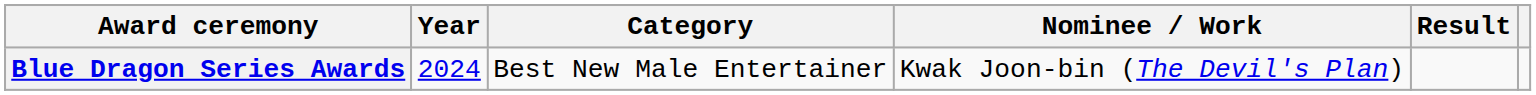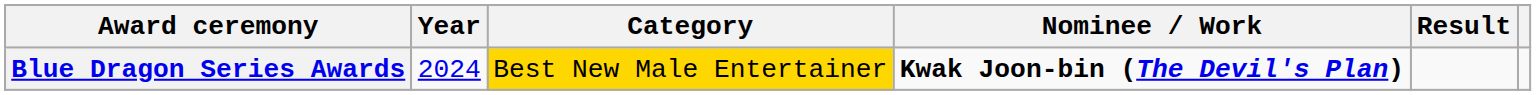 <table class="wikitable plainrowheaders sortable">
 <tr>
 <th scope="col">Award ceremony</th>
 <th scope="col">Year</th>
 <th scope="col">Category</th>
 <th scope="col">Nominee / Work</th>
 <th scope="col">Result</th>
 <th scope="col" class="unsortable"></th>
 </tr>
 <tr>
 <th rowspan="2" scope="row"><a href='#'>Blue Dragon Series Awards</a></th>
 <td rowspan="2" style="text-align:center"><a href='#'>2024</a></td>
-<td>Best New Male Entertainer</td>
-<td>Kwak Joon-bin (<em><a href='#'>The Devil's Plan</a></em>)</td>
+<td style="background: gold;">Best New Male Entertainer</td>
+<td><strong>Kwak Joon-bin (<em><a href='#'>The Devil's Plan</a></em>)</strong></td>
 <td></td>
 <td></td>
 </tr>
 </table>
